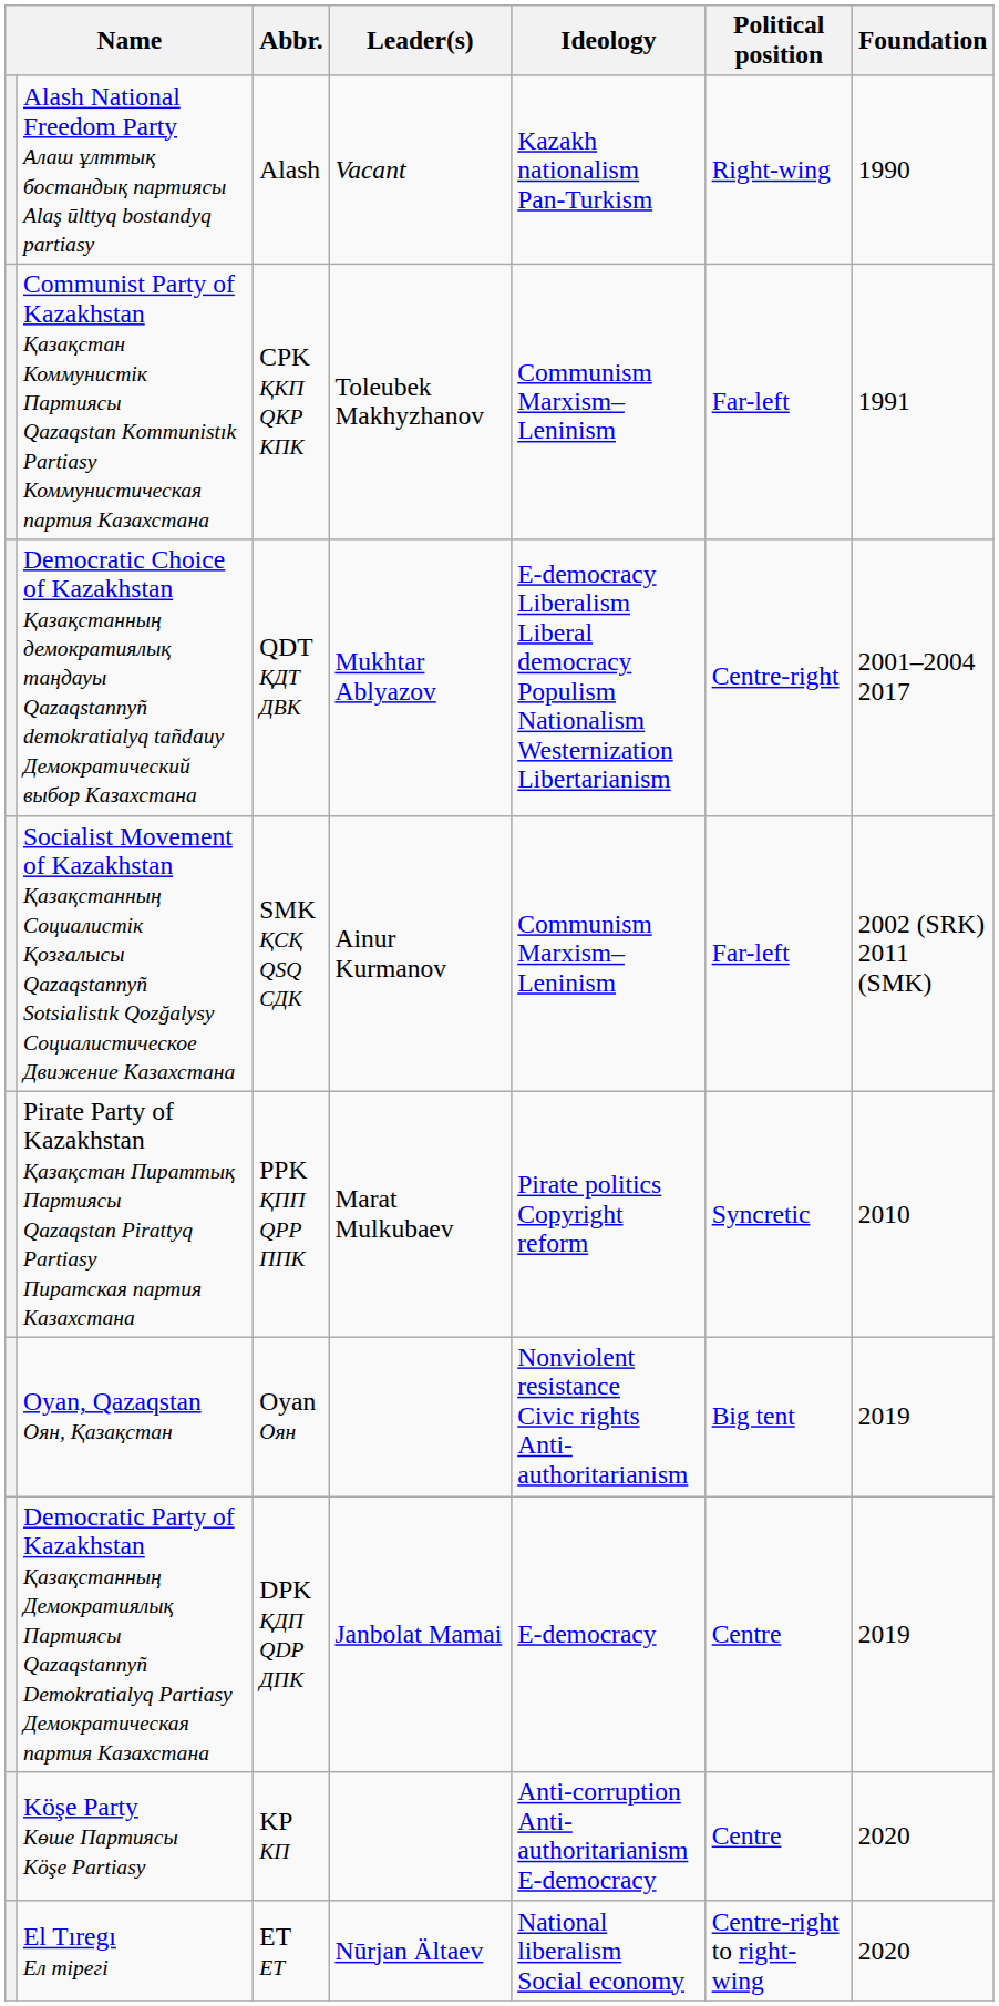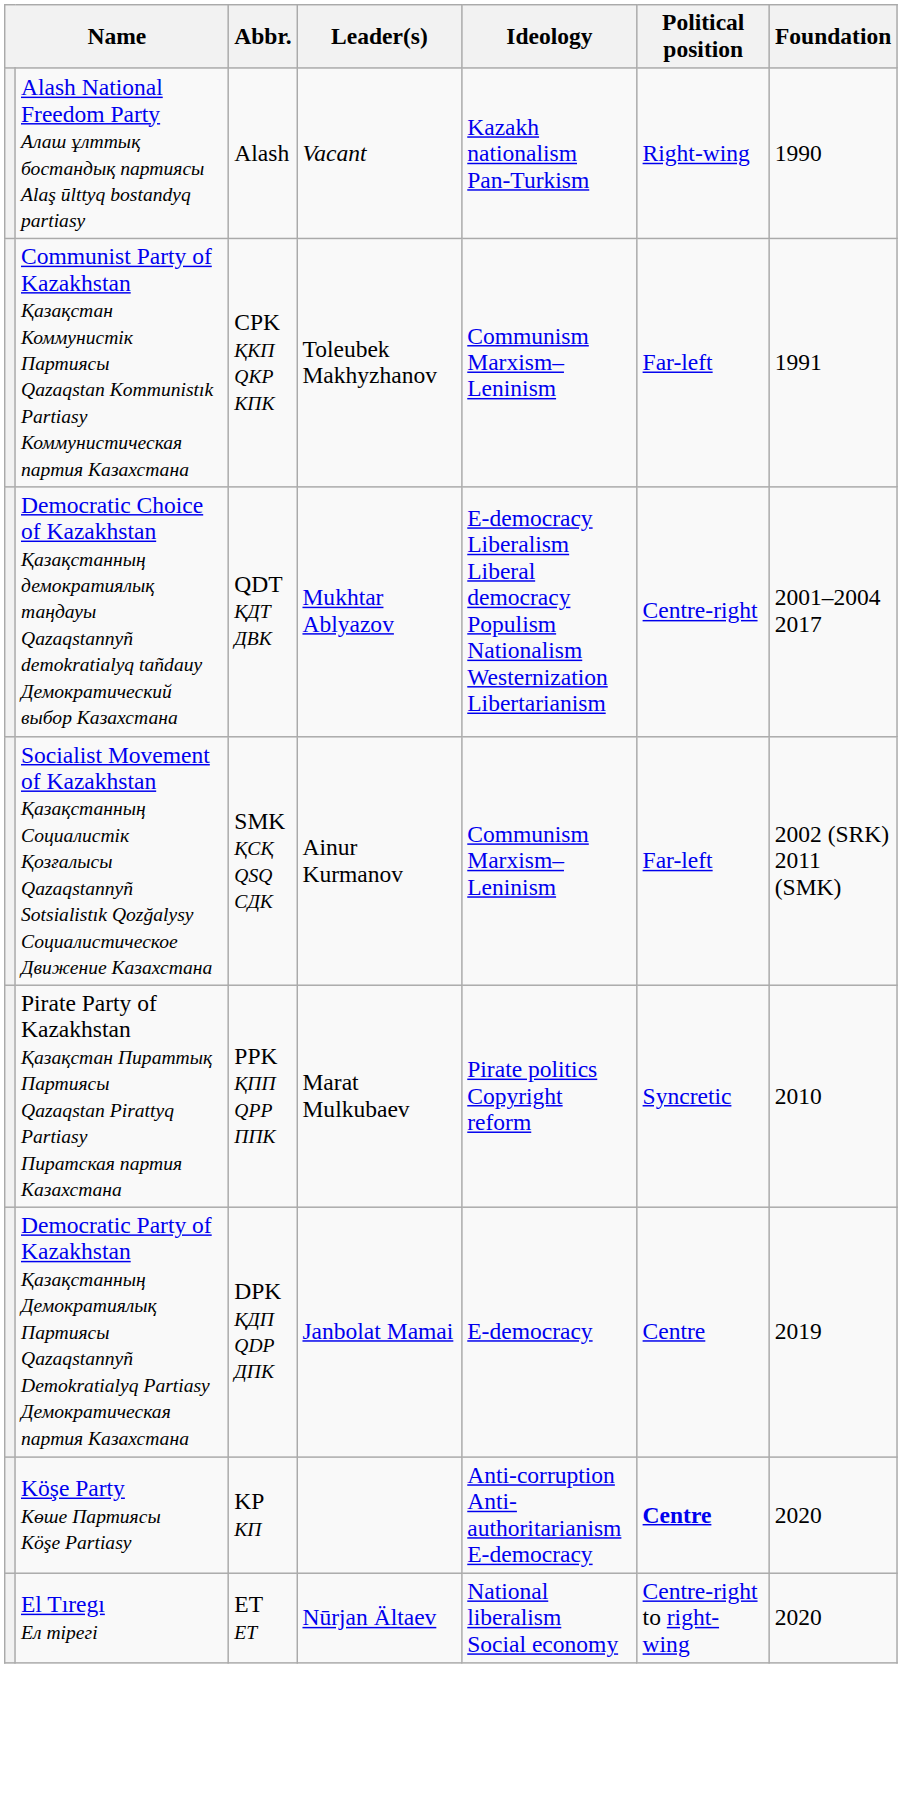 <table class="wikitable sortable">
 <tr>
 <th colspan=2>Name</th>
 <th>Abbr.</th>
 <th>Leader(s)</th>
 <th>Ideology</th>
 <th>Political position</th>
 <th>Foundation</th>
 </tr>
 <tr>
 <th style="background:"></th>
 <td><a href='#'>Alash National Freedom Party</a><br><small><em>Алаш ұлттық бостандық партиясы<br>Alaş ūlttyq bostandyq partiasy</em></small></td>
 <td>Alash</td>
 <td><em>Vacant</em></td>
 <td><a href='#'>Kazakh</a> <a href='#'>nationalism</a><br><a href='#'>Pan-Turkism</a></td>
 <td><a href='#'>Right-wing</a></td>
 <td>1990</td>
 </tr>
 <tr>
 <th style="background:"></th>
 <td><a href='#'>Communist Party of Kazakhstan</a><br><small><em>Қазақстан Коммунистік Партиясы<br>Qazaqstan Kommunistık Partiasy<br>Коммунистическая партия Казахстана</em></small></td>
 <td>CPK<br><small><em>ҚКП<br>QKP<br>КПК</em></small></td>
 <td>Toleubek Makhyzhanov</td>
 <td><a href='#'>Communism</a><br><a href='#'>Marxism–Leninism</a></td>
 <td><a href='#'>Far-left</a></td>
 <td>1991</td>
 </tr>
 <tr>
 <th style="background:"></th>
 <td><a href='#'>Democratic Choice of Kazakhstan</a><br><small><em>Қазақстанның демократиялық таңдауы<br>Qazaqstannyñ demokratialyq tañdauy<br>Демократический выбор Казахстана</em></small></td>
 <td>QDT<br><small><em>ҚДТ<br>ДВК</em></small></td>
 <td><a href='#'>Mukhtar Ablyazov</a></td>
 <td><a href='#'>E-democracy</a><br><a href='#'>Liberalism</a><br><a href='#'>Liberal democracy</a><br><a href='#'>Populism</a><br><a href='#'>Nationalism</a><br><a href='#'>Westernization</a><br><a href='#'>Libertarianism</a></td>
 <td><a href='#'>Centre-right</a></td>
 <td>2001–2004<br>2017</td>
 </tr>
 <tr>
 <th style="background:"></th>
 <td><a href='#'>Socialist Movement of Kazakhstan</a><br><small><em>Қазақстанның Социалистік Қозғалысы<br>Qazaqstannyñ Sotsialistık Qozğalysy<br>Социалистическое Движение Казахстана</em></small></td>
 <td>SMK<br><small><em>ҚCҚ<br>QSQ<br>СДК</em></small></td>
 <td>Ainur Kurmanov</td>
 <td><a href='#'>Communism</a><br><a href='#'>Marxism–Leninism</a></td>
 <td><a href='#'>Far-left</a></td>
 <td>2002 (SRK)<br>2011 (SMK)</td>
 </tr>
 <tr>
 <th style="background:"></th>
 <td>Pirate Party of Kazakhstan<br><small><em>Қазақстан Пираттық Партиясы<br>Qazaqstan Pirattyq Partiasy<br>Пиратская партия Казахстана</em></small></td>
 <td>PPK<br><small><em>ҚПП<br>QPP<br>ППК</em></small></td>
 <td>Marat Mulkubaev</td>
 <td><a href='#'>Pirate politics</a><br><a href='#'>Copyright</a> <a href='#'>reform</a></td>
 <td><a href='#'>Syncretic</a></td>
 <td>2010</td>
 </tr>
 <tr>
 <th style="background:"></th>
-<td><a href='#'>Oyan, Qazaqstan</a><br><small><em>Оян, Қазақстан</em></small></td>
-<td>Oyan<br><small><em>Оян</em></small></td>
-<td></td>
-<td><a href='#'>Nonviolent resistance</a><br><a href='#'>Civic rights</a><br><a href='#'>Anti-authoritarianism</a></td>
-<td><a href='#'>Big tent</a></td>
-<td>2019</td>
-</tr>
-<tr>
-<th style="background:"></th>
 <td><a href='#'>Democratic Party of Kazakhstan</a><br><small><em>Қазақстанның Демократиялық Партиясы<br>Qazaqstannyñ Demokratialyq Partiasy<br>Демократическая партия Казахстана</em></small></td>
 <td>DPK<br><small><em>ҚДП<br>QDP<br>ДПК</em></small></td>
 <td><a href='#'>Janbolat Mamai</a></td>
 <td><a href='#'>E-democracy</a></td>
 <td><a href='#'>Centre</a></td>
 <td>2019</td>
 </tr>
 <tr>
 <th style="background:"></th>
 <td><a href='#'>Köşe Party</a><br><small><em>Көше Партиясы<br>Köşe Partiasy</em></small></td>
 <td>KP<br><small><em>КП</em></small></td>
 <td></td>
 <td><a href='#'>Anti-corruption</a><br><a href='#'>Anti-authoritarianism</a><br><a href='#'>E-democracy</a></td>
-<td><a href='#'>Centre</a></td>
+<td><strong><a href='#'>Centre</a></strong></td>
 <td>2020</td>
 </tr>
 <tr>
 <th style="background:"></th>
 <td><a href='#'>El Tıregı</a><br><small><em>Ел тірегі</em></small></td>
 <td>ET<br><small><em>ЕТ</em></small></td>
 <td><a href='#'>Nūrjan Ältaev</a></td>
 <td><a href='#'>National liberalism</a><br><a href='#'>Social economy</a></td>
 <td><a href='#'>Centre-right</a> to <a href='#'>right-wing</a></td>
 <td>2020</td>
 </tr>
 </table>
